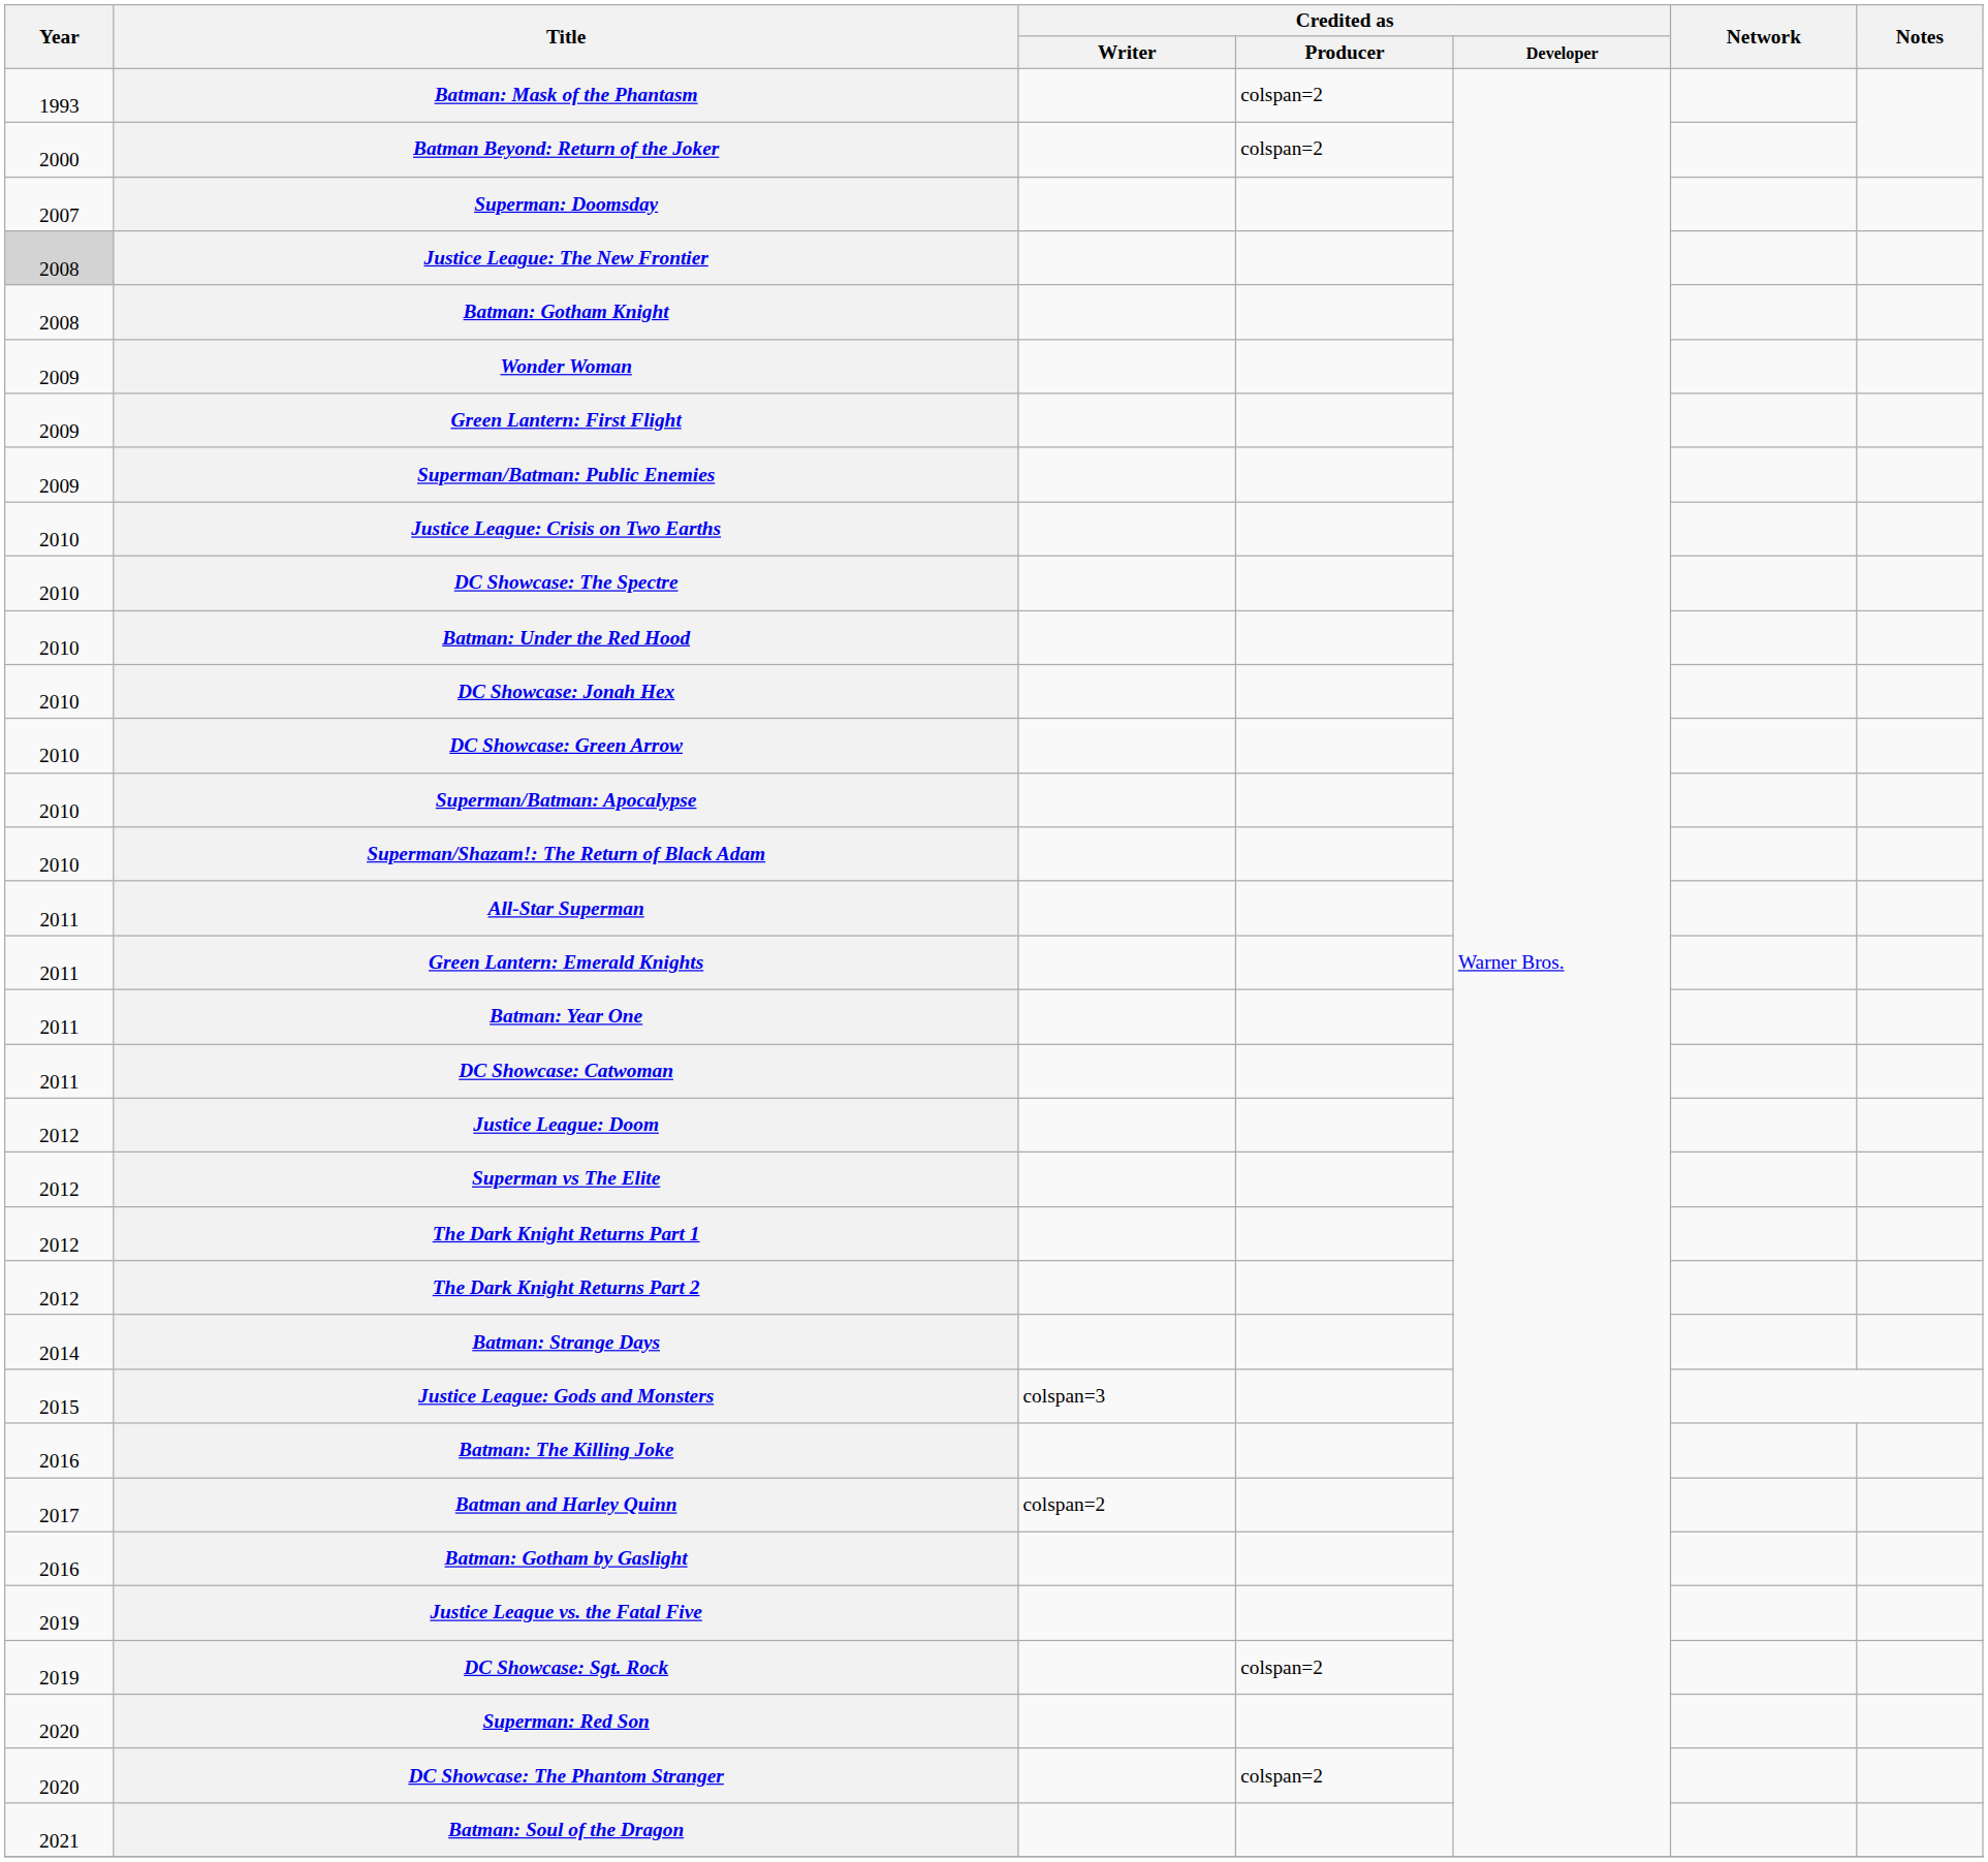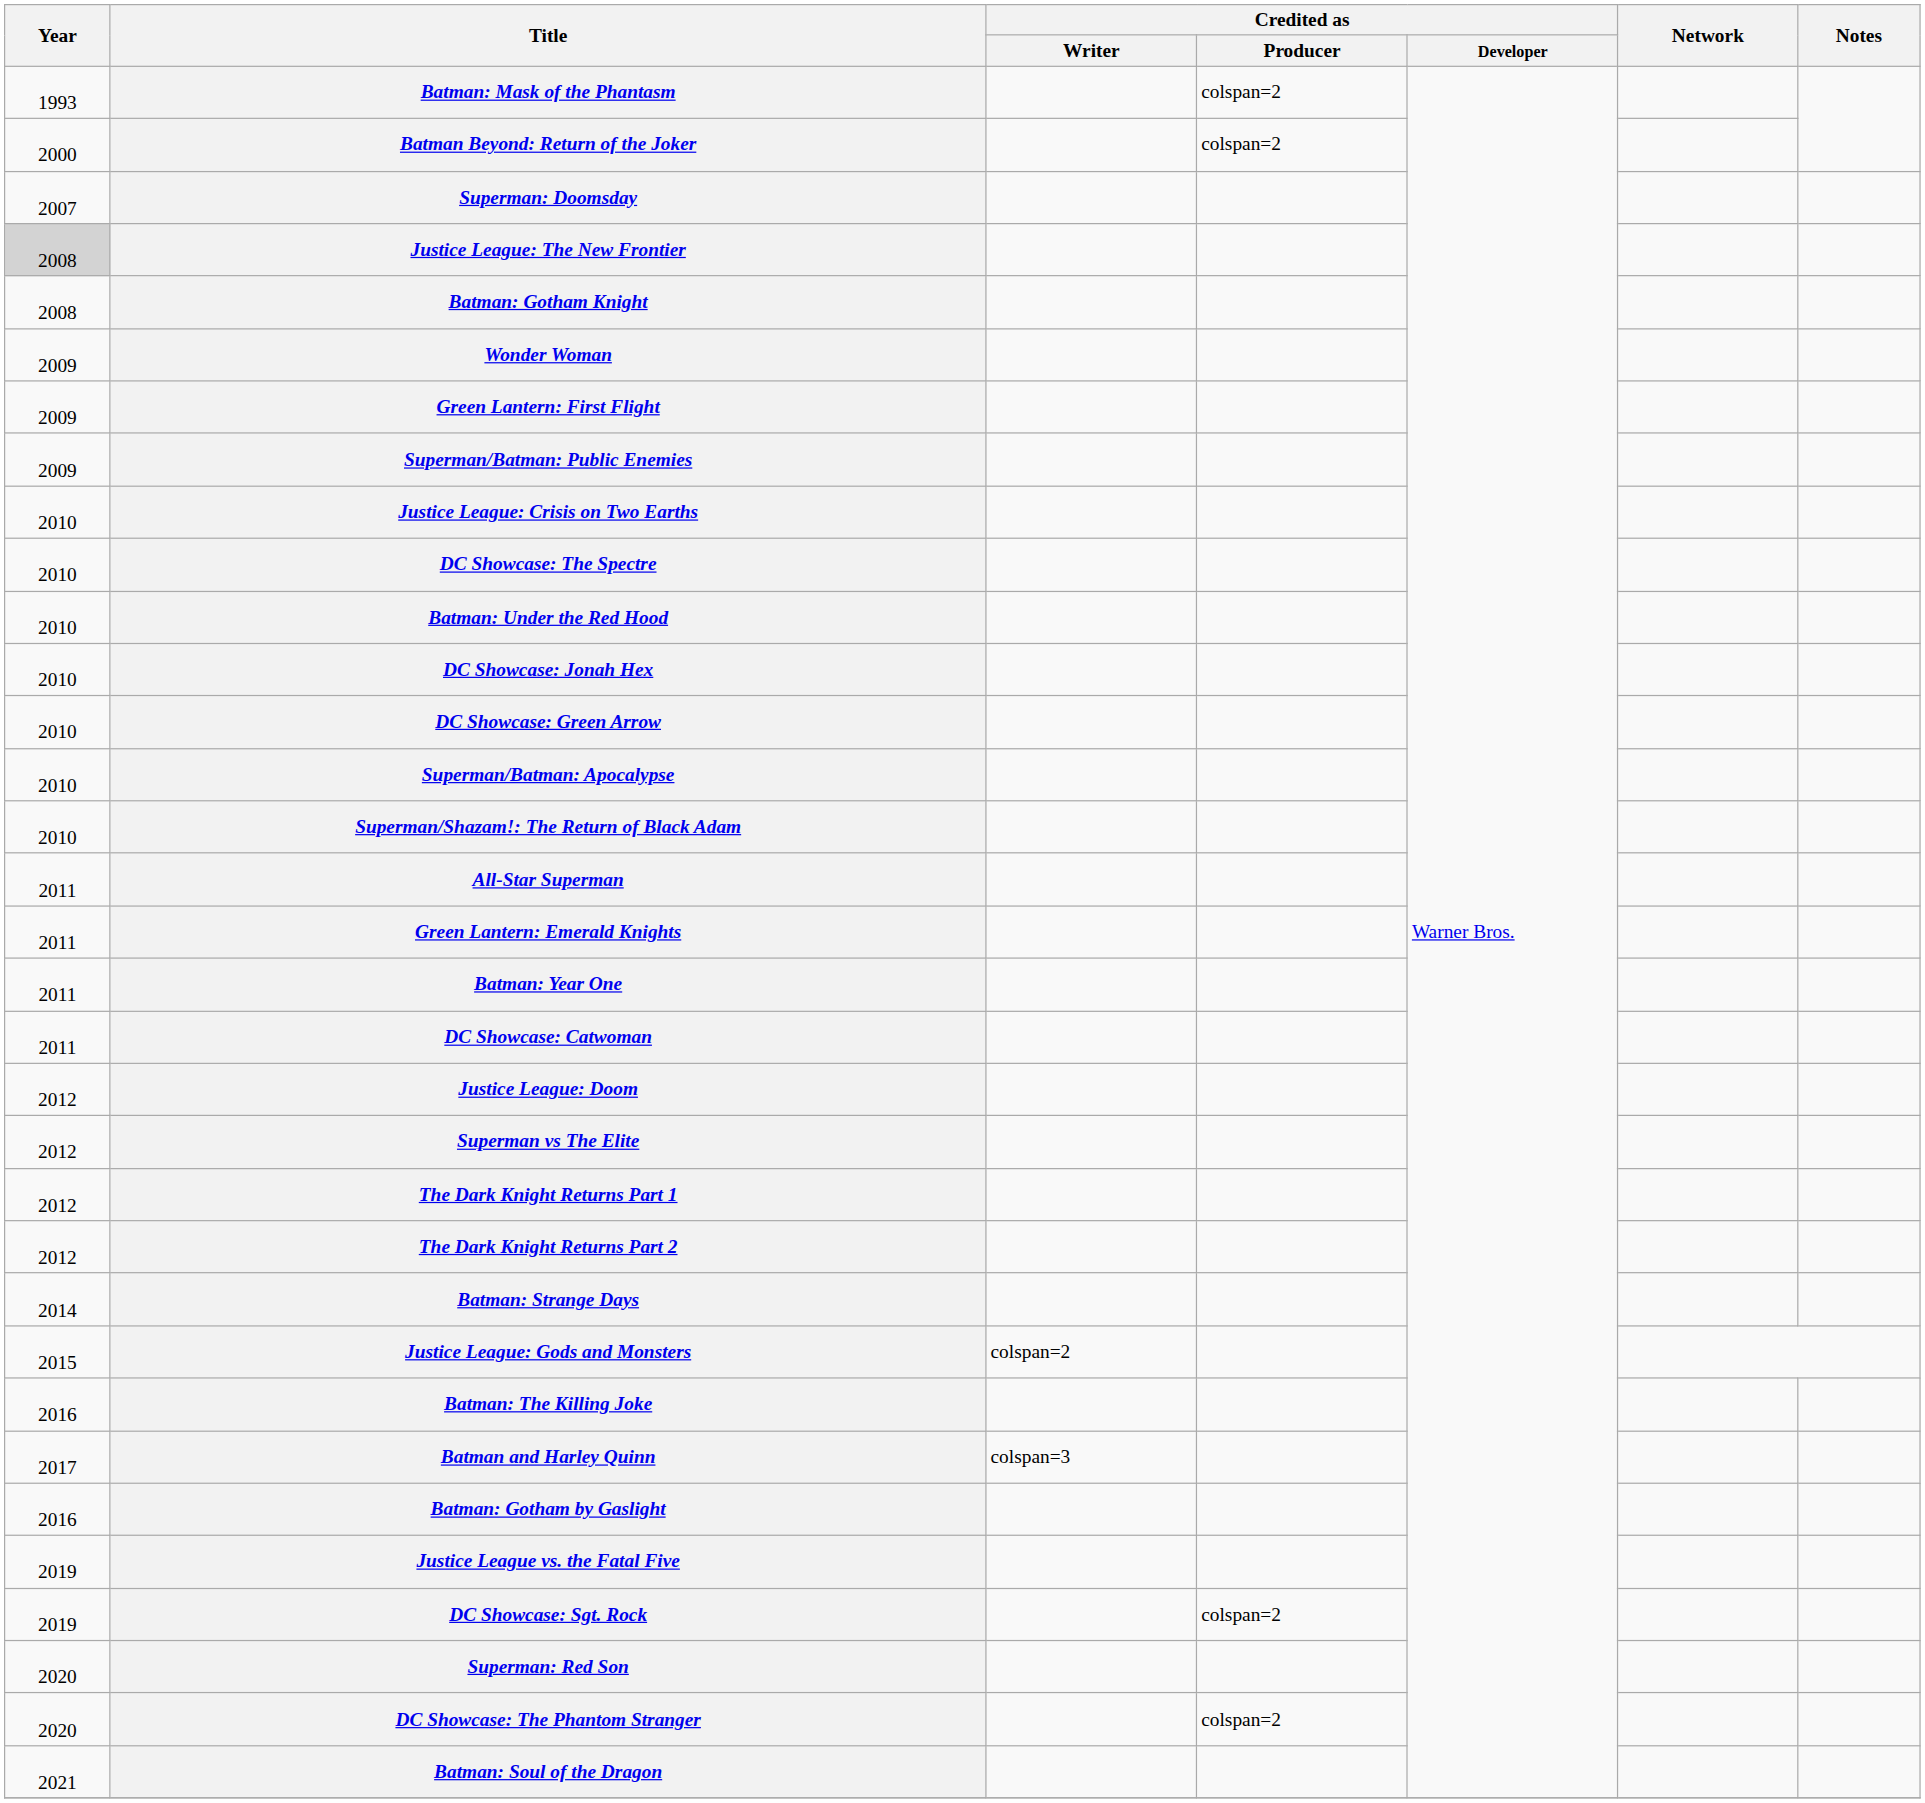 <table class="wikitable plainrowheaders" style="margin-right:auto; margin-right:auto; width:100%;" style="text-align:center;">
 <tr>
 <th rowspan="2">Year</th>
 <th rowspan="2">Title</th>
 <th colspan="3">Credited as</th>
 <th rowspan="2">Network</th>
 <th rowspan="2">Notes</th>
 </tr>
 <tr>
 <th width="11%">Writer</th>
 <th width="11%">Producer</th>
 <th width="11%"><small>Developer</small></th>
 </tr>
 <tr>
 <td style="text-align:center;"><br>1993</td>
 <th scope="row"><em><a href='#'>Batman: Mask of the Phantasm</a></em></th>
 <td></td>
 <td>colspan=2 </td>
 <td rowspan="33"><a href='#'>Warner Bros.</a></td>
 <td></td>
 </tr>
 <tr>
 <td style="text-align:center;"><br>2000</td>
 <th scope="row"><em><a href='#'>Batman Beyond: Return of the Joker</a></em></th>
 <td></td>
 <td>colspan=2 </td>
 <td></td>
 </tr>
 <tr>
 <td style="text-align:center;"><br>2007</td>
 <th scope="row"><em><a href='#'>Superman: Doomsday</a></em></th>
 <td></td>
 <td></td>
 <td></td>
 <td></td>
 </tr>
 <tr>
 <td style="background: lightgrey; text-align:center;"><br>2008</td>
 <th scope="row"><em><a href='#'>Justice League: The New Frontier</a></em></th>
 <td></td>
 <td></td>
 <td></td>
 <td></td>
 </tr>
 <tr>
 <td style="text-align:center;"><br>2008</td>
 <th scope="row"><em><a href='#'>Batman: Gotham Knight</a></em></th>
 <td></td>
 <td></td>
 <td></td>
 <td></td>
 </tr>
 <tr>
 <td style="text-align:center;"><br>2009</td>
 <th scope="row"><em><a href='#'>Wonder Woman</a></em></th>
 <td></td>
 <td></td>
 <td></td>
 <td></td>
 </tr>
 <tr>
 <td style="text-align:center;"><br>2009</td>
 <th scope="row"><em><a href='#'>Green Lantern: First Flight</a></em></th>
 <td></td>
 <td></td>
 <td></td>
 <td></td>
 </tr>
 <tr>
 <td style="text-align:center;"><br>2009</td>
 <th scope="row"><em><a href='#'>Superman/Batman: Public Enemies</a></em></th>
 <td></td>
 <td></td>
 <td></td>
 <td></td>
 </tr>
 <tr>
 <td style="text-align:center;"><br>2010</td>
 <th scope="row"><em><a href='#'>Justice League: Crisis on Two Earths</a></em></th>
 <td></td>
 <td></td>
 <td></td>
 <td></td>
 </tr>
 <tr>
 <td style="text-align:center;"><br>2010</td>
 <th scope="row"><em><a href='#'>DC Showcase: The Spectre</a></em></th>
 <td></td>
 <td></td>
 <td></td>
 <td></td>
 </tr>
 <tr>
 <td style="text-align:center;"><br>2010</td>
 <th scope="row"><em><a href='#'>Batman: Under the Red Hood</a></em></th>
 <td></td>
 <td></td>
 <td></td>
 <td></td>
 </tr>
 <tr>
 <td style="text-align:center;"><br>2010</td>
 <th scope="row"><em><a href='#'>DC Showcase: Jonah Hex</a></em></th>
 <td></td>
 <td></td>
 <td></td>
 <td></td>
 </tr>
 <tr>
 <td style="text-align:center;"><br>2010</td>
 <th scope="row"><em><a href='#'>DC Showcase: Green Arrow</a></em></th>
 <td></td>
 <td></td>
 <td></td>
 <td></td>
 </tr>
 <tr>
 <td style="text-align:center;"><br>2010</td>
 <th scope="row"><em><a href='#'>Superman/Batman: Apocalypse</a></em></th>
 <td></td>
 <td></td>
 <td></td>
 <td></td>
 </tr>
 <tr>
 <td style="text-align:center;"><br>2010</td>
 <th scope="row"><em><a href='#'>Superman/Shazam!: The Return of Black Adam</a></em></th>
 <td></td>
 <td></td>
 <td></td>
 <td></td>
 </tr>
 <tr>
 <td style="text-align:center;"><br>2011</td>
 <th scope="row"><em><a href='#'>All-Star Superman</a></em></th>
 <td></td>
 <td></td>
 <td></td>
 <td></td>
 </tr>
 <tr>
 <td style="text-align:center;"><br>2011</td>
 <th scope="row"><em><a href='#'>Green Lantern: Emerald Knights</a></em></th>
 <td></td>
 <td></td>
 <td></td>
 <td></td>
 </tr>
 <tr>
 <td style="text-align:center;"><br>2011</td>
 <th scope="row"><em><a href='#'>Batman: Year One</a></em></th>
 <td></td>
 <td></td>
 <td></td>
 <td></td>
 </tr>
 <tr>
 <td style="text-align:center;"><br>2011</td>
 <th scope="row"><em><a href='#'>DC Showcase: Catwoman</a></em></th>
 <td></td>
 <td></td>
 <td></td>
 <td></td>
 </tr>
 <tr>
 <td style="text-align:center;"><br>2012</td>
 <th scope="row"><em><a href='#'>Justice League: Doom</a></em></th>
 <td></td>
 <td></td>
 <td></td>
 <td></td>
 </tr>
 <tr>
 <td style="text-align:center;"><br>2012</td>
 <th scope="row"><em><a href='#'>Superman vs The Elite</a></em></th>
 <td></td>
 <td></td>
 <td></td>
 <td></td>
 </tr>
 <tr>
 <td style="text-align:center;"><br>2012</td>
 <th scope="row"><em><a href='#'>The Dark Knight Returns Part 1</a></em></th>
 <td></td>
 <td></td>
 <td></td>
 <td></td>
 </tr>
 <tr>
 <td style="text-align:center;"><br>2012</td>
 <th scope="row"><em><a href='#'>The Dark Knight Returns Part 2</a></em></th>
 <td></td>
 <td></td>
 <td></td>
 <td></td>
 </tr>
 <tr>
 <td style="text-align:center;"><br>2014</td>
 <th scope="row"><em><a href='#'>Batman: Strange Days</a></em></th>
 <td></td>
 <td></td>
 <td></td>
 <td></td>
 </tr>
 <tr>
 <td style="text-align:center;"><br>2015</td>
 <th scope="row"><em><a href='#'>Justice League: Gods and Monsters</a></em></th>
-<td>colspan=3 </td>
+<td>colspan=2 </td>
 <td></td>
 </tr>
 <tr>
 <td style="text-align:center;"><br>2016</td>
 <th scope="row"><em><a href='#'>Batman: The Killing Joke</a></em></th>
 <td></td>
 <td></td>
 <td></td>
 <td></td>
 </tr>
 <tr>
 <td style="text-align:center;"><br>2017</td>
 <th scope="row"><em><a href='#'>Batman and Harley Quinn</a></em></th>
-<td>colspan=2 </td>
+<td>colspan=3 </td>
 <td></td>
 <td></td>
 </tr>
 <tr>
 <td style="text-align:center;"><br>2016</td>
 <th scope="row"><em><a href='#'>Batman: Gotham by Gaslight</a></em></th>
 <td></td>
 <td></td>
 <td></td>
 <td></td>
 </tr>
 <tr>
 <td style="text-align:center;"><br>2019</td>
 <th scope="row"><em><a href='#'>Justice League vs. the Fatal Five</a></em></th>
 <td></td>
 <td></td>
 <td></td>
 <td></td>
 </tr>
 <tr>
 <td style="text-align:center;"><br>2019</td>
 <th scope="row"><em><a href='#'>DC Showcase: Sgt. Rock</a></em></th>
 <td></td>
 <td>colspan=2 </td>
 <td></td>
 </tr>
 <tr>
 <td style="text-align:center;"><br>2020</td>
 <th scope="row"><em><a href='#'>Superman: Red Son</a></em></th>
 <td></td>
 <td></td>
 <td></td>
 <td></td>
 </tr>
 <tr>
 <td style="text-align:center;"><br>2020</td>
 <th scope="row"><em><a href='#'>DC Showcase: The Phantom Stranger</a></em></th>
 <td></td>
 <td>colspan=2 </td>
 <td></td>
 </tr>
 <tr>
 <td style="text-align:center;"><br>2021</td>
 <th scope="row"><em><a href='#'>Batman: Soul of the Dragon</a></em></th>
 <td></td>
 <td></td>
 <td></td>
 <td></td>
 </tr>
 <tr>
 </tr>
 </table>
